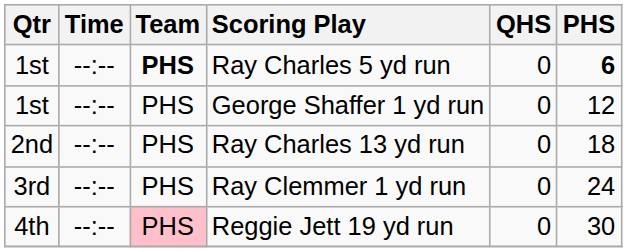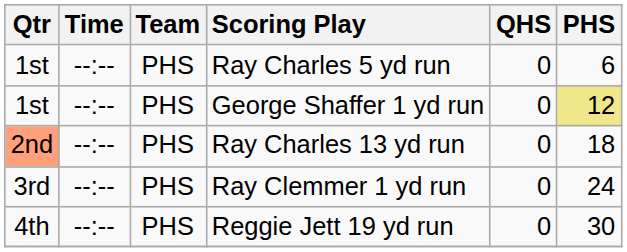 <table class="wikitable">
 <tr>
 <th style="text-align: center;">Qtr</th>
 <th style="text-align: center;">Time</th>
 <th style="text-align: center;">Team</th>
 <th style="text-align: left;">Scoring Play</th>
 <th style="text-align: right;">QHS</th>
 <th style="text-align: right;">PHS</th>
 </tr>
 <tr>
 <td style="text-align: center;">1st</td>
 <td style="text-align: center;">--:--</td>
-<td style="text-align: center;"><strong>PHS</strong></td>
+<td style="text-align: center;">PHS</td>
 <td style="text-align: left;">Ray Charles 5 yd run</td>
 <td style="text-align: right;">0</td>
-<td style="text-align: right;"><strong>6</strong></td>
+<td style="text-align: right;">6</td>
 </tr>
 <tr>
 <td style="text-align: center;">1st</td>
 <td style="text-align: center;">--:--</td>
 <td style="text-align: center;">PHS</td>
 <td style="text-align: left;">George Shaffer 1 yd run</td>
 <td style="text-align: right;">0</td>
-<td style="text-align: right;">12</td>
+<td style="background: khaki; text-align: right;">12</td>
 </tr>
 <tr>
-<td style="text-align: center;">2nd</td>
+<td style="background: lightsalmon; text-align: center;">2nd</td>
 <td style="text-align: center;">--:--</td>
 <td style="text-align: center;">PHS</td>
 <td style="text-align: left;">Ray Charles 13 yd run</td>
 <td style="text-align: right;">0</td>
 <td style="text-align: right;">18</td>
 </tr>
 <tr>
 <td style="text-align: center;">3rd</td>
 <td style="text-align: center;">--:--</td>
 <td style="text-align: center;">PHS</td>
 <td style="text-align: left;">Ray Clemmer 1 yd run</td>
 <td style="text-align: right;">0</td>
 <td style="text-align: right;">24</td>
 </tr>
 <tr>
 <td style="text-align: center;">4th</td>
 <td style="text-align: center;">--:--</td>
-<td style="background: pink; text-align: center;">PHS</td>
+<td style="text-align: center;">PHS</td>
 <td style="text-align: left;">Reggie Jett 19 yd run</td>
 <td style="text-align: right;">0</td>
 <td style="text-align: right;">30</td>
 </tr>
 <tr>
 </tr>
 </table>
